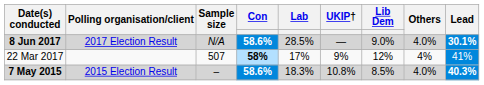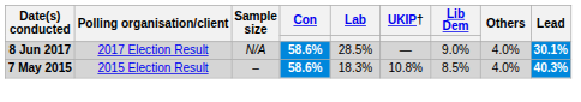 <table class="wikitable sortable mw-datatable" style="text-align:center;font-size:85%;line-height:14px">
 <tr>
 <th rowspan="2">Date(s)<br>conducted</th>
 <th rowspan="2">Polling organisation/client</th>
 <th rowspan="2">Sample<br>size</th>
 <th style="width:50px;" class="unsortable"><a href='#'>Con</a></th>
 <th style="width:50px;" class="unsortable"><a href='#'>Lab</a></th>
 <th style="width:50px;" class="unsortable"><a href='#'>UKIP</a>†</th>
 <th style="width:50px;" class="unsortable"><a href='#'>Lib Dem</a></th>
 <th style="width:50px;" rowspan="2" class="unsortable">Others</th>
 <th class="unsortable" style="width:20px;" rowspan="2">Lead</th>
 </tr>
 <tr>
 <th class="unsortable" style="color:inherit;background:"></th>
 <th class="unsortable" style="color:inherit;background:"></th>
 <th class="unsortable" style="color:inherit;background:"></th>
 <th class="unsortable" style="color:inherit;background:"></th>
 </tr>
 <tr>
 <td style="background:#D5D5D5"><strong>8 Jun 2017</strong></td>
 <td style="background:#D5D5D5"><a href='#'>2017 Election Result</a></td>
 <td style="background:#D5D5D5"><em>N/A</em></td>
 <td style="background:#0087dc; color:white;"><strong>58.6%</strong></td>
 <td style="background:#D5D5D5">28.5%</td>
 <td style="background:#D5D5D5">—</td>
 <td style="background:#D5D5D5">9.0%</td>
 <td style="background:#D5D5D5">4.0%</td>
 <td style="background:#0087DC; color:white;"><strong>30.1%</strong></td>
 </tr>
 <tr>
-<td rowspan=1>22 Mar 2017</td>
-<td rowspan=1></td>
-<td rowspan=1>507</td>
-<td style="background:#B3E0FF"><strong>58%</strong></td>
-<td>17%</td>
-<td>9%</td>
-<td>12%</td>
-<td>4%</td>
-<td style="background:#0087DC; color:white;">41%</td>
-</tr>
-<tr>
 <td style="background:#D5D5D5"><strong>7 May 2015</strong></td>
 <td style="background:#D5D5D5"><a href='#'>2015 Election Result</a></td>
 <td style="background:#D5D5D5">–</td>
 <td style="background:#0087dc; color:white;"><strong>58.6%</strong></td>
 <td style="background:#D5D5D5">18.3%</td>
 <td style="background:#D5D5D5">10.8%</td>
 <td style="background:#D5D5D5">8.5%</td>
 <td style="background:#D5D5D5">4.0%</td>
 <td style="background:#0087DC; color:white;"><strong>40.3%</strong></td>
 </tr>
 </table>
